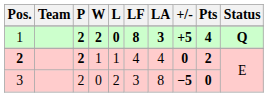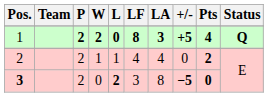 <table class="wikitable" style="text-align:center; margin: 1em auto 1em auto, align:left">
 <tr>
 <th>Pos.</th>
 <th>Team</th>
 <th>P</th>
 <th>W</th>
 <th>L</th>
 <th>LF</th>
 <th>LA</th>
 <th>+/-</th>
 <th>Pts</th>
 <th>Status</th>
 </tr>
 <tr>
 </tr>
 <tr style="background-color:#ccffcc">
 <td>1</td>
 <td style="text-align:left;"></td>
 <td><strong>2</strong></td>
 <td><strong>2</strong></td>
 <td><strong>0</strong></td>
 <td><strong>8</strong></td>
 <td><strong>3</strong></td>
 <td><strong>+5</strong></td>
 <td><strong>4</strong></td>
 <td><strong>Q</strong></td>
 </tr>
 <tr>
 </tr>
 <tr style="background-color:#FFCCCC">
-<td><strong>2</strong></td>
+<td>2</td>
 <td style="text-align:left;"></td>
-<td><strong>2</strong></td>
+<td>2</td>
 <td>1</td>
 <td>1</td>
 <td>4</td>
 <td>4</td>
-<td><strong>0</strong></td>
+<td>0</td>
 <td><strong>2</strong></td>
 <td rowspan=2>E</td>
 </tr>
 <tr style="background-color:#FFCCCC">
-<td>3</td>
+<td><strong>3</strong></td>
 <td style="text-align:left;"></td>
 <td>2</td>
 <td>0</td>
-<td>2</td>
+<td><strong>2</strong></td>
 <td>3</td>
 <td>8</td>
 <td><strong>−5</strong></td>
 <td><strong>0</strong></td>
 </tr>
 </table>
